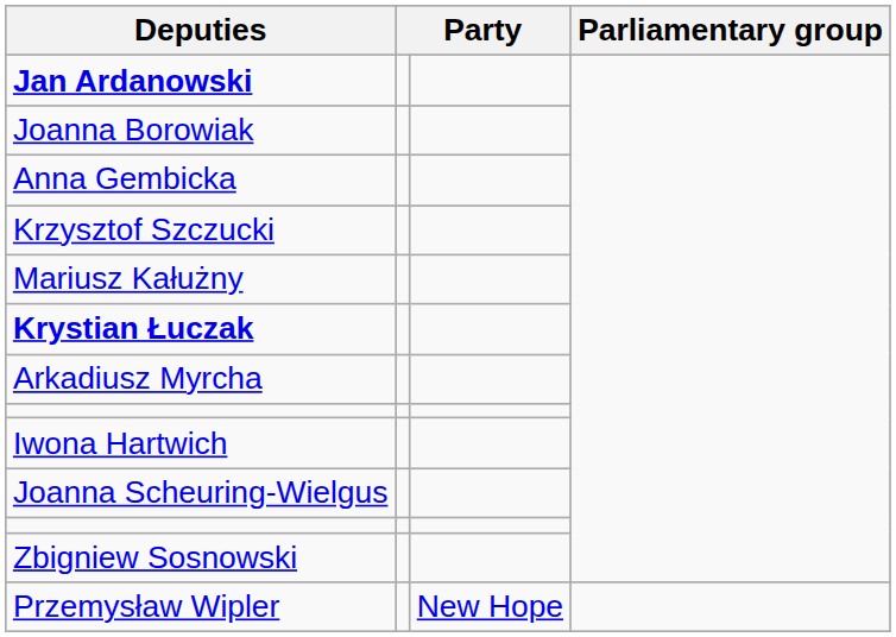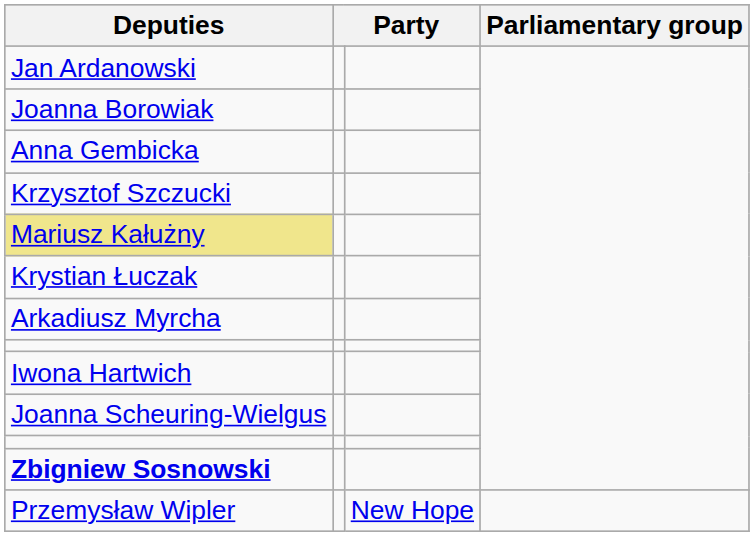 <table class="wikitable">
 <tr>
 <th>Deputies</th>
 <th colspan="2">Party</th>
 <th colspan="2">Parliamentary group</th>
 </tr>
 <tr>
-<td><strong><a href='#'>Jan Ardanowski</a></strong></td>
+<td><a href='#'>Jan Ardanowski</a></td>
 <td></td>
 <td></td>
 </tr>
 <tr>
 <td><a href='#'>Joanna Borowiak</a></td>
 <td></td>
 <td></td>
 </tr>
 <tr>
 <td><a href='#'>Anna Gembicka</a></td>
 <td></td>
 <td></td>
 </tr>
 <tr>
 <td><a href='#'>Krzysztof Szczucki</a></td>
 <td></td>
 <td></td>
 </tr>
 <tr>
-<td><a href='#'>Mariusz Kałużny</a></td>
+<td style="background: khaki;"><a href='#'>Mariusz Kałużny</a></td>
 <td></td>
 <td></td>
 </tr>
 <tr>
-<td><strong><a href='#'>Krystian Łuczak</a></strong></td>
+<td><a href='#'>Krystian Łuczak</a></td>
 <td></td>
 <td></td>
 </tr>
 <tr>
 <td><a href='#'>Arkadiusz Myrcha</a></td>
 <td></td>
 <td></td>
 </tr>
 <tr>
 <td></td>
 <td></td>
 <td></td>
 </tr>
 <tr>
 <td><a href='#'>Iwona Hartwich</a></td>
 <td></td>
 <td></td>
 </tr>
 <tr>
 <td><a href='#'>Joanna Scheuring-Wielgus</a></td>
 <td></td>
 <td></td>
 </tr>
 <tr>
 <td></td>
 <td></td>
 <td></td>
 </tr>
 <tr>
-<td><a href='#'>Zbigniew Sosnowski</a></td>
+<td><strong><a href='#'>Zbigniew Sosnowski</a></strong></td>
 <td></td>
 <td></td>
 </tr>
 <tr>
 <td><a href='#'>Przemysław Wipler</a></td>
 <td></td>
 <td><a href='#'>New Hope</a></td>
 <td></td>
 </tr>
 </table>
